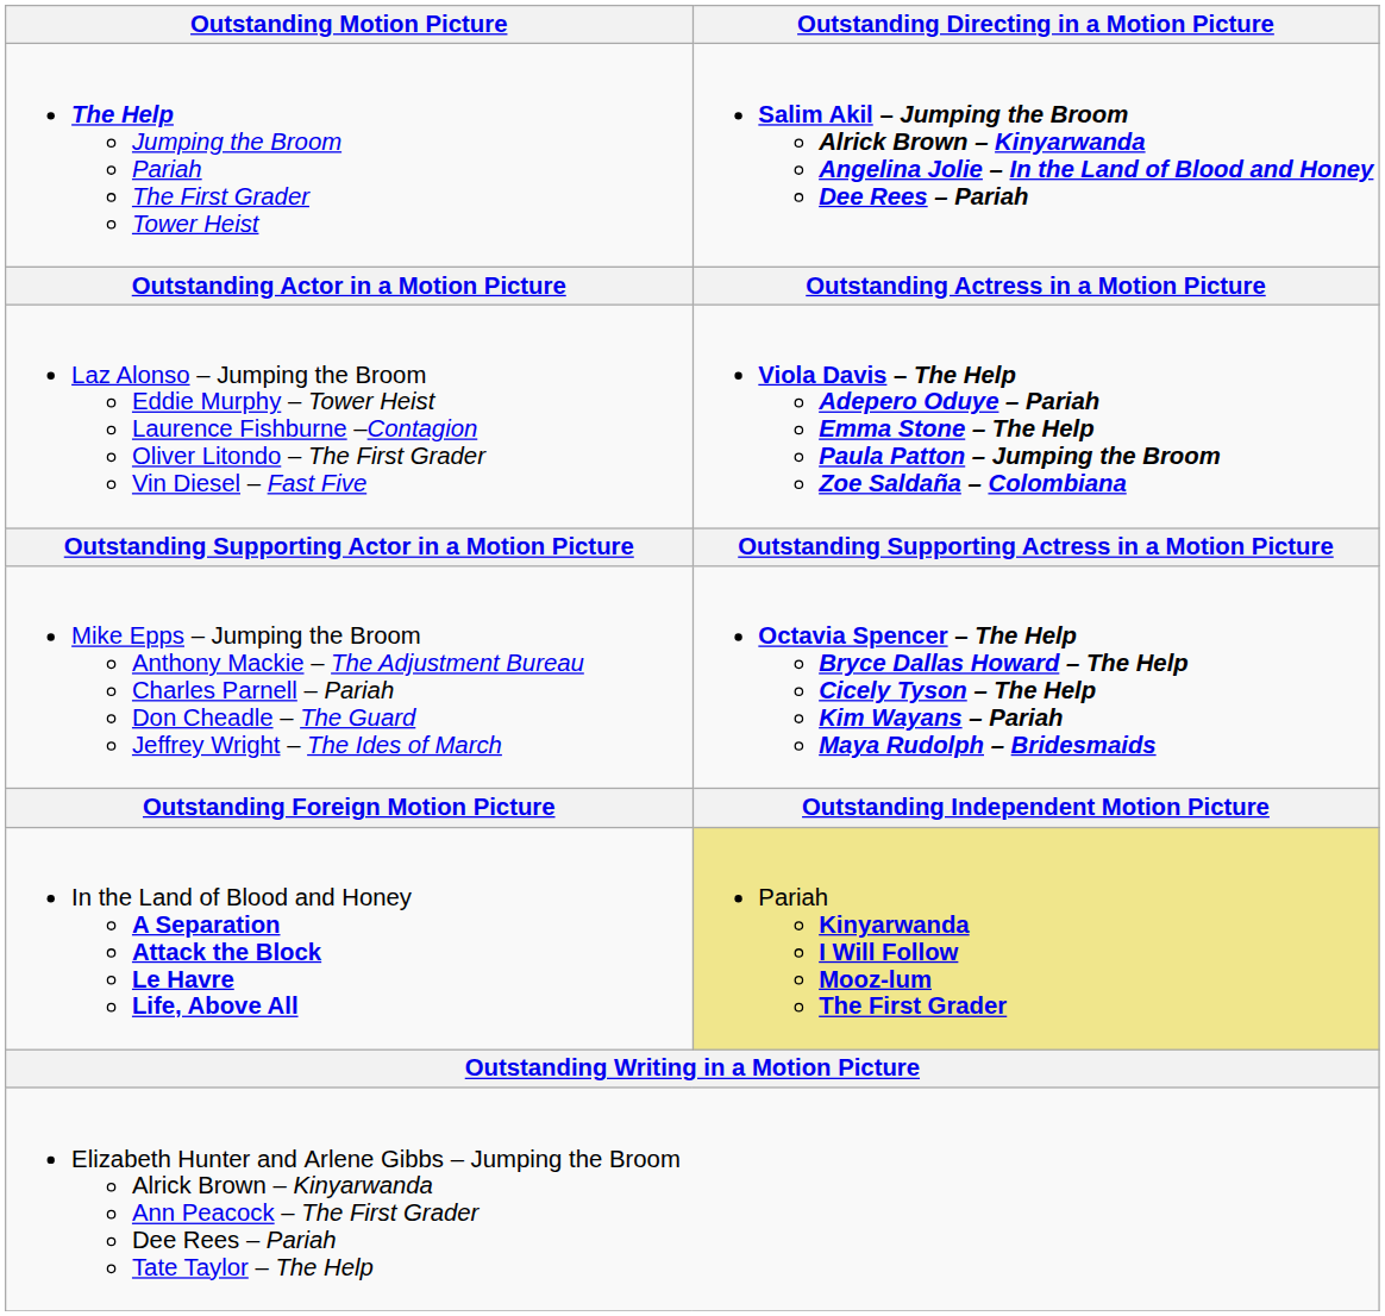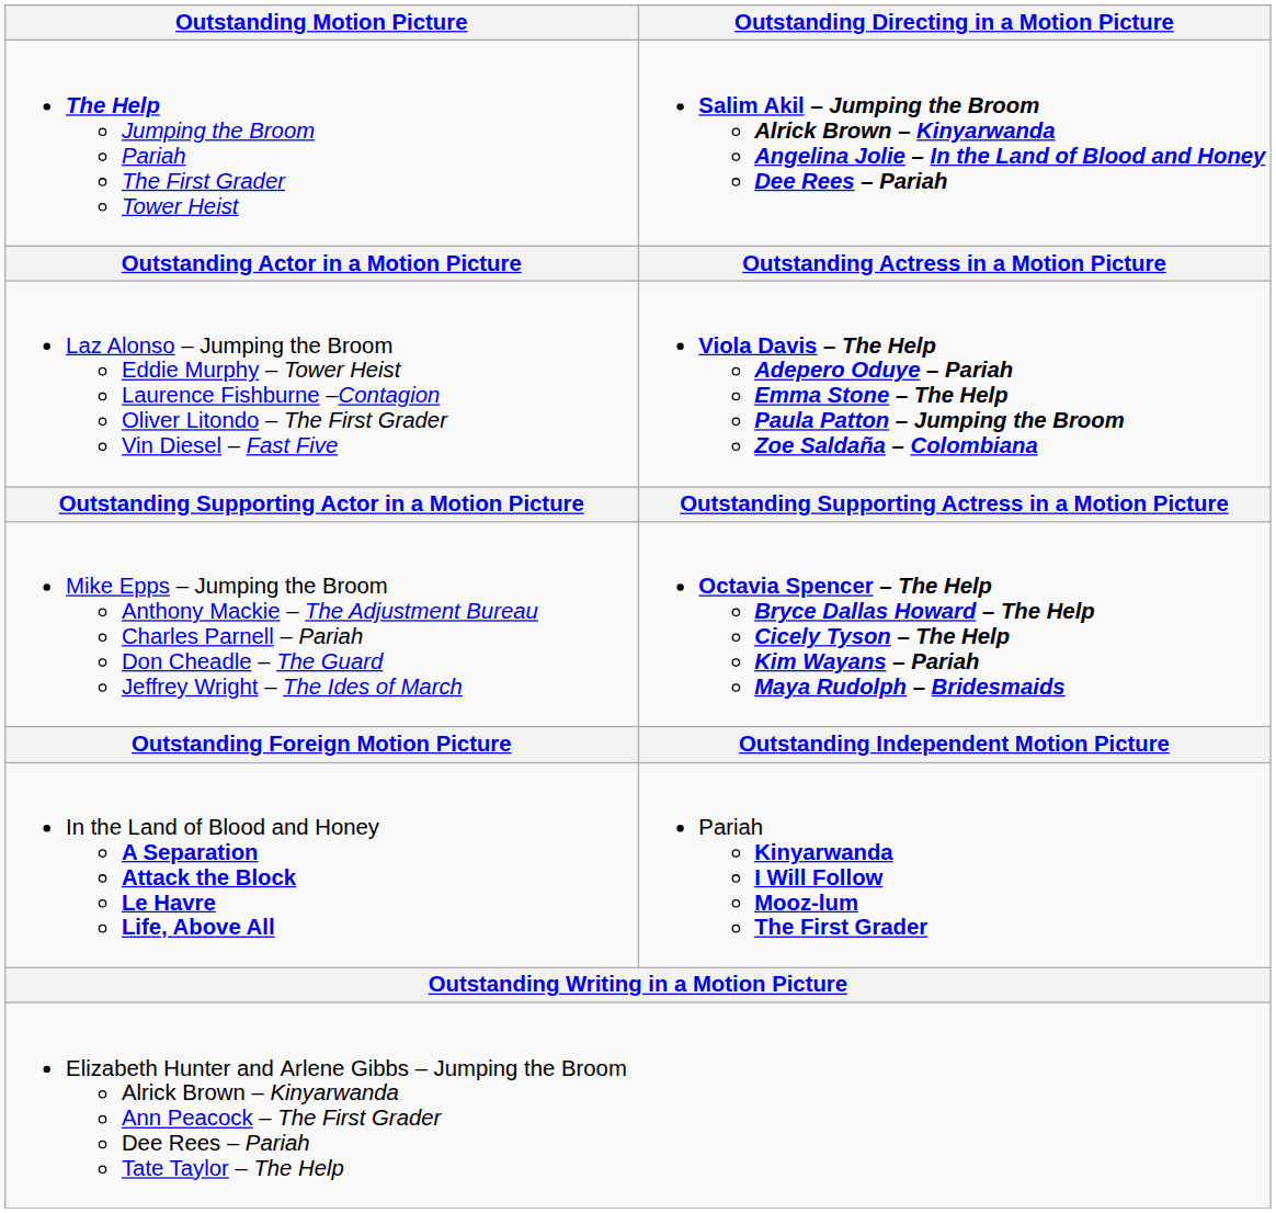 <table class="wikitable">
 <tr>
 <th style="width=50%"><a href='#'>Outstanding Motion Picture</a></th>
 <th style="width=50%"><a href='#'>Outstanding Directing in a Motion Picture</a></th>
 </tr>
 <tr>
 <td width="50%" valign="top"><br><ul><li><a href='#'><strong><em>The Help</em></strong></a><ul><li><em><a href='#'>Jumping the Broom</a></em></li><li><a href='#'><em>Pariah</em></a></li><li><em><a href='#'>The First Grader</a></em></li><li><em><a href='#'>Tower Heist</a></em></li></ul></li></ul></td>
 <td width="50%" valign="top"><br><ul><li><strong><a href='#'>Salim Akil</a></strong> <strong>– <em>Jumping the Broom<strong><em><ul><li>Alrick Brown – <a href='#'></em>Kinyarwanda<em></a></li><li><a href='#'>Angelina Jolie</a> – </em><a href='#'>In the Land of Blood and Honey</a><em></li><li><a href='#'>Dee Rees</a> – </em>Pariah<em></li></ul></li></ul></td>
 </tr>
 <tr>
 <th style="width=50%"><a href='#'>Outstanding Actor in a Motion Picture</a></th>
 <th style="width=50%"><a href='#'>Outstanding Actress in a Motion Picture</a></th>
 </tr>
 <tr>
 <td valign="top" width="50%"><br><ul><li></strong><a href='#'>Laz Alonso</a><strong> </strong>– </em>Jumping the Broom</em></strong><ul><li><a href='#'>Eddie Murphy</a> – <em>Tower Heist</em></li><li><a href='#'>Laurence Fishburne</a> –<a href='#'><em>Contagion</em></a></li><li><a href='#'>Oliver Litondo</a> – <em>The First Grader</em></li><li><a href='#'>Vin Diesel</a> – <em><a href='#'>Fast Five</a></em></li></ul></li></ul></td>
 <td valign="top" width="50%"><br><ul><li><strong><a href='#'>Viola Davis</a></strong> <strong>– <em>The Help<strong><em><ul><li><a href='#'>Adepero Oduye</a> – </em>Pariah<em></li><li><a href='#'>Emma Stone</a> – </em>The Help<em></li><li><a href='#'>Paula Patton</a> – </em>Jumping the Broom<em></li><li><a href='#'>Zoe Saldaña</a> – </em><a href='#'>Colombiana</a><em></li></ul></li></ul></td>
 </tr>
 <tr>
 <th style="width=50%"><a href='#'>Outstanding Supporting Actor in a Motion Picture</a></th>
 <th style="width=50%"><a href='#'>Outstanding Supporting Actress in a Motion Picture</a></th>
 </tr>
 <tr>
 <td valign="top" width="50%"><br><ul><li></strong><a href='#'>Mike Epps</a><strong> </strong>– </em>Jumping the Broom</em></strong><ul><li><a href='#'>Anthony Mackie</a> – <em><a href='#'>The Adjustment Bureau</a></em></li><li><a href='#'>Charles Parnell</a> – <em>Pariah</em></li><li><a href='#'>Don Cheadle</a> – <a href='#'><em>The Guard</em></a></li><li><a href='#'>Jeffrey Wright</a> – <a href='#'><em>The Ides of March</em></a></li></ul></li></ul></td>
 <td valign="top" width="50%"><br><ul><li><strong><a href='#'>Octavia Spencer</a></strong> <strong>– <em>The Help<strong><em><ul><li><a href='#'>Bryce Dallas Howard</a> – </em>The Help<em></li><li><a href='#'>Cicely Tyson</a> – </em>The Help<em></li><li><a href='#'>Kim Wayans</a> – </em>Pariah<em></li><li><a href='#'>Maya Rudolph</a> – <a href='#'></em>Bridesmaids<em></a></li></ul></li></ul></td>
 </tr>
 <tr>
 <th style="width=50%"><a href='#'>Outstanding Foreign Motion Picture</a></th>
 <th style="width=50%"><a href='#'>Outstanding Independent Motion Picture</a></th>
 </tr>
 <tr>
 <td valign="top" width="50%"><br><ul><li></em></strong>In the Land of Blood and Honey<strong><em><ul><li></em><a href='#'>A Separation</a><em></li><li></em><a href='#'>Attack the Block</a><em></li><li><a href='#'></em>Le Havre<em></a></li><li></em><a href='#'>Life, Above All</a><em></li></ul></li></ul></td>
-<td valign="top" width="50%" style="background: khaki;"><br><ul><li></em></strong>Pariah<strong><em><ul><li><a href='#'></em>Kinyarwanda<em></a></li><li><a href='#'></em>I Will Follow<em></a></li><li></em><a href='#'>Mooz-lum</a><em></li><li></em><a href='#'>The First Grader</a><em></li></ul></li></ul></td>
+<td valign="top" width="50%"><br><ul><li></em></strong>Pariah<strong><em><ul><li><a href='#'></em>Kinyarwanda<em></a></li><li><a href='#'></em>I Will Follow<em></a></li><li></em><a href='#'>Mooz-lum</a><em></li><li></em><a href='#'>The First Grader</a><em></li></ul></li></ul></td>
 </tr>
 <tr>
 <th colspan="2" style="width=50%"><a href='#'>Outstanding Writing in a Motion Picture</a></th>
 </tr>
 <tr>
 <td colspan="2" valign="top" width="50%"><br><ul><li></strong>Elizabeth Hunter and<strong> </strong>Arlene Gibbs – </em>Jumping the Broom</em></strong><ul><li>Alrick Brown – <em>Kinyarwanda</em></li><li><a href='#'>Ann Peacock</a> – <em>The First Grader</em></li><li>Dee Rees – <em>Pariah</em></li><li><a href='#'>Tate Taylor</a> – <em>The Help</em></li></ul></li></ul></td>
 </tr>
 </table>
